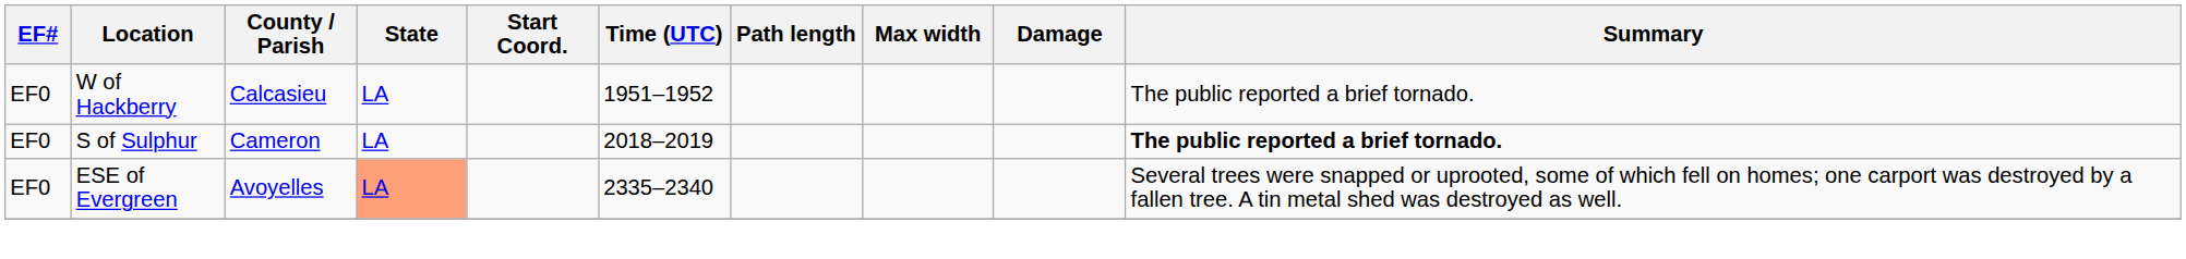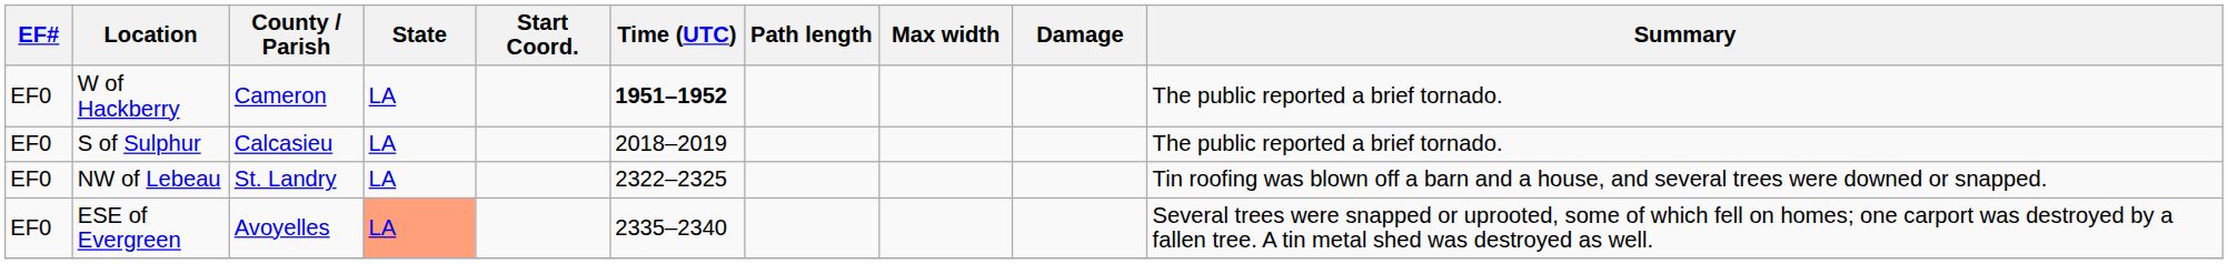 <table class="wikitable sortable" style="width:100%;">
 <tr>
 <th scope="col" width="3%" align="center"><a href='#'>EF#</a></th>
 <th scope="col" width="7%" align="center" class="unsortable">Location</th>
 <th scope="col" width="6%" align="center" class="unsortable">County / Parish</th>
 <th scope="col" width="5%" align="center">State</th>
 <th scope="col" width="6%" align="center">Start Coord.</th>
 <th scope="col" width="6%" align="center">Time (<a href='#'>UTC</a>)</th>
 <th scope="col" width="6%" align="center">Path length</th>
 <th scope="col" width="6%" align="center">Max width</th>
 <th scope="col" width="6%" align="center">Damage</th>
 <th scope="col" width="48%" class="unsortable" align="center">Summary</th>
 </tr>
 <tr>
 <td>EF0</td>
 <td>W of <a href='#'>Hackberry</a></td>
-<td><a href='#'>Calcasieu</a></td>
+<td><a href='#'>Cameron</a></td>
 <td><a href='#'>LA</a></td>
 <td></td>
-<td>1951–1952</td>
+<td><strong>1951–1952</strong></td>
 <td></td>
 <td></td>
 <td></td>
 <td>The public reported a brief tornado.</td>
 </tr>
 <tr>
 <td>EF0</td>
 <td>S of <a href='#'>Sulphur</a></td>
-<td><a href='#'>Cameron</a></td>
+<td><a href='#'>Calcasieu</a></td>
 <td><a href='#'>LA</a></td>
 <td></td>
 <td>2018–2019</td>
 <td></td>
 <td></td>
 <td></td>
-<td><strong>The public reported a brief tornado.</strong></td>
+<td>The public reported a brief tornado.</td>
+</tr>
+<tr>
+<td>EF0</td>
+<td>NW of <a href='#'>Lebeau</a></td>
+<td><a href='#'>St. Landry</a></td>
+<td><a href='#'>LA</a></td>
+<td></td>
+<td>2322–2325</td>
+<td></td>
+<td></td>
+<td></td>
+<td>Tin roofing was blown off a barn and a house, and several trees were downed or snapped.</td>
 </tr>
 <tr>
 <td>EF0</td>
 <td>ESE of <a href='#'>Evergreen</a></td>
 <td><a href='#'>Avoyelles</a></td>
 <td style="background: lightsalmon;"><a href='#'>LA</a></td>
 <td></td>
 <td>2335–2340</td>
 <td></td>
 <td></td>
 <td></td>
 <td>Several trees were snapped or uprooted, some of which fell on homes; one carport was destroyed by a fallen tree. A tin metal shed was destroyed as well.</td>
 </tr>
 <tr>
 </tr>
 </table>
